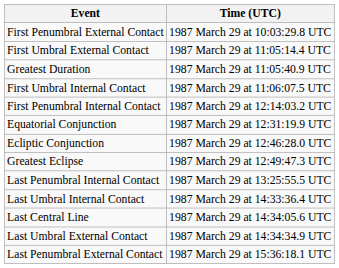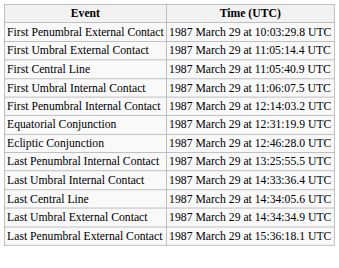 <table class="wikitable">
 <tr>
 <th>Event</th>
 <th>Time (UTC)</th>
 </tr>
 <tr>
 <td>First Penumbral External Contact</td>
 <td>1987 March 29 at 10:03:29.8 UTC</td>
 </tr>
 <tr>
 <td>First Umbral External Contact</td>
 <td>1987 March 29 at 11:05:14.4 UTC</td>
 </tr>
 <tr>
-<td>Greatest Duration</td>
+<td>First Central Line</td>
 <td>1987 March 29 at 11:05:40.9 UTC</td>
 </tr>
 <tr>
 <td>First Umbral Internal Contact</td>
 <td>1987 March 29 at 11:06:07.5 UTC</td>
 </tr>
 <tr>
 <td>First Penumbral Internal Contact</td>
 <td>1987 March 29 at 12:14:03.2 UTC</td>
 </tr>
 <tr>
 <td>Equatorial Conjunction</td>
 <td>1987 March 29 at 12:31:19.9 UTC</td>
 </tr>
 <tr>
 <td>Ecliptic Conjunction</td>
 <td>1987 March 29 at 12:46:28.0 UTC</td>
-</tr>
-<tr>
-<td>Greatest Eclipse</td>
-<td>1987 March 29 at 12:49:47.3 UTC</td>
 </tr>
 <tr>
 <td>Last Penumbral Internal Contact</td>
 <td>1987 March 29 at 13:25:55.5 UTC</td>
 </tr>
 <tr>
 <td>Last Umbral Internal Contact</td>
 <td>1987 March 29 at 14:33:36.4 UTC</td>
 </tr>
 <tr>
 <td>Last Central Line</td>
 <td>1987 March 29 at 14:34:05.6 UTC</td>
 </tr>
 <tr>
 <td>Last Umbral External Contact</td>
 <td>1987 March 29 at 14:34:34.9 UTC</td>
 </tr>
 <tr>
 <td>Last Penumbral External Contact</td>
 <td>1987 March 29 at 15:36:18.1 UTC</td>
 </tr>
 </table>
